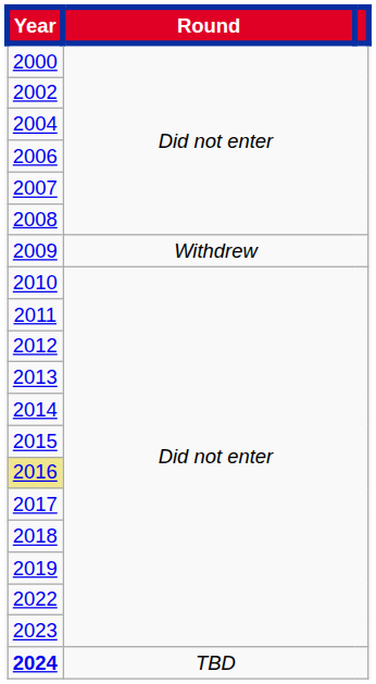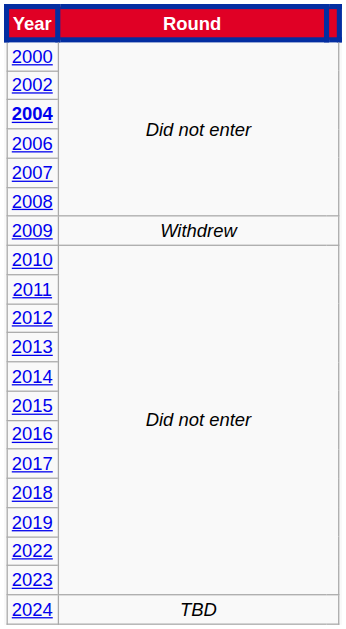 <table class="wikitable" style="text-align: center; font-size:90%">
 <tr style="color:white;">
 <th style="background:#e00025; border: 4px solid #032ea1;">Year</th>
 <th style="background:#e00025; border: 4px solid #032ea1; width:200px">Round</th>
 <th style="background:#e00025; border: 4px solid #032ea1;"></th>
 </tr>
 <tr>
 <td><a href='#'>2000</a></td>
 <td colspan="2" rowspan="6"><em>Did not enter</em></td>
 </tr>
 <tr>
 <td><a href='#'>2002</a></td>
 </tr>
 <tr>
-<td><a href='#'>2004</a></td>
+<td><strong><a href='#'>2004</a></strong></td>
 </tr>
 <tr>
 <td><a href='#'>2006</a></td>
 </tr>
 <tr>
 <td><a href='#'>2007</a></td>
 </tr>
 <tr>
 <td><a href='#'>2008</a></td>
 </tr>
 <tr>
 <td><a href='#'>2009</a></td>
 <td colspan="2"><em>Withdrew</em></td>
 </tr>
 <tr>
 <td><a href='#'>2010</a></td>
 <td colspan="2" rowspan="12"><em>Did not enter</em></td>
 </tr>
 <tr>
 <td><a href='#'>2011</a></td>
 </tr>
 <tr>
 <td><a href='#'>2012</a></td>
 </tr>
 <tr>
 <td><a href='#'>2013</a></td>
 </tr>
 <tr>
 <td><a href='#'>2014</a></td>
 </tr>
 <tr>
 <td><a href='#'>2015</a></td>
 </tr>
 <tr>
-<td style="background: khaki;"><a href='#'>2016</a></td>
+<td><a href='#'>2016</a></td>
 </tr>
 <tr>
 <td><a href='#'>2017</a></td>
 </tr>
 <tr>
 <td><a href='#'>2018</a></td>
 </tr>
 <tr>
 <td><a href='#'>2019</a></td>
 </tr>
 <tr>
 <td><a href='#'>2022</a></td>
 </tr>
 <tr>
 <td><a href='#'>2023</a></td>
 </tr>
 <tr>
-<td><strong><a href='#'>2024</a></strong></td>
+<td><a href='#'>2024</a></td>
 <td colspan="2"><em>TBD</em></td>
 </tr>
 </table>
